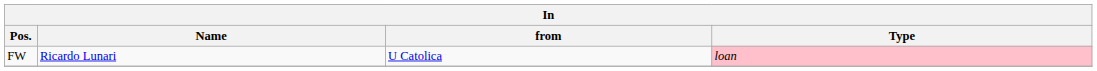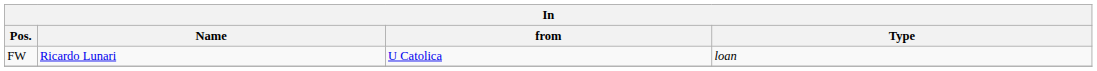 <table class="wikitable" style="font-size:90%;width:99%;">
 <tr>
 <th colspan="4">In</th>
 </tr>
 <tr>
 <th width=3%>Pos.</th>
 <th width=32%>Name</th>
 <th width=30%>from</th>
 <th width=35%>Type</th>
 </tr>
 <tr>
 <td>FW</td>
 <td><a href='#'>Ricardo Lunari</a></td>
 <td><a href='#'>U Catolica</a></td>
-<td style="background: pink;"><em>loan</em></td>
+<td><em>loan</em></td>
 </tr>
 <tr>
 </tr>
 </table>
